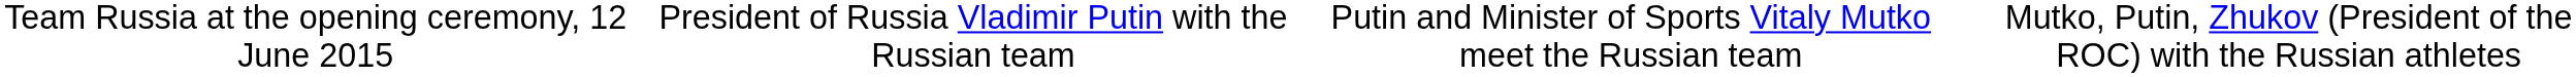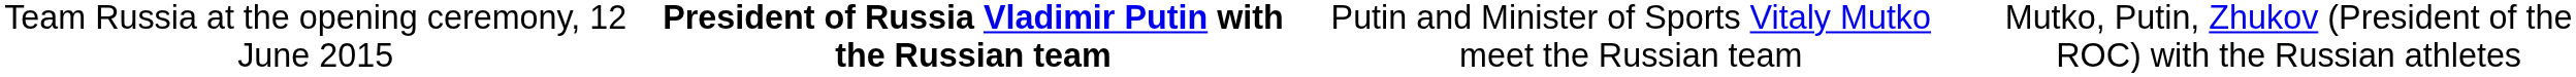 <table class="graytable" style="text-align:center">
 <tr>
 <td width="25%"></td>
 <td width="25%"></td>
 <td width="25%"></td>
 <td width="25%"></td>
 </tr>
 <tr>
 <td>Team Russia at the opening ceremony, 12 June 2015</td>
-<td>President of Russia <a href='#'>Vladimir Putin</a> with the Russian team</td>
+<td><strong>President of Russia <a href='#'>Vladimir Putin</a> with the Russian team</strong></td>
 <td>Putin and Minister of Sports <a href='#'>Vitaly Mutko</a> meet the Russian team</td>
 <td>Mutko, Putin, <a href='#'>Zhukov</a> (President of the ROC) with the Russian athletes</td>
 </tr>
 </table>
